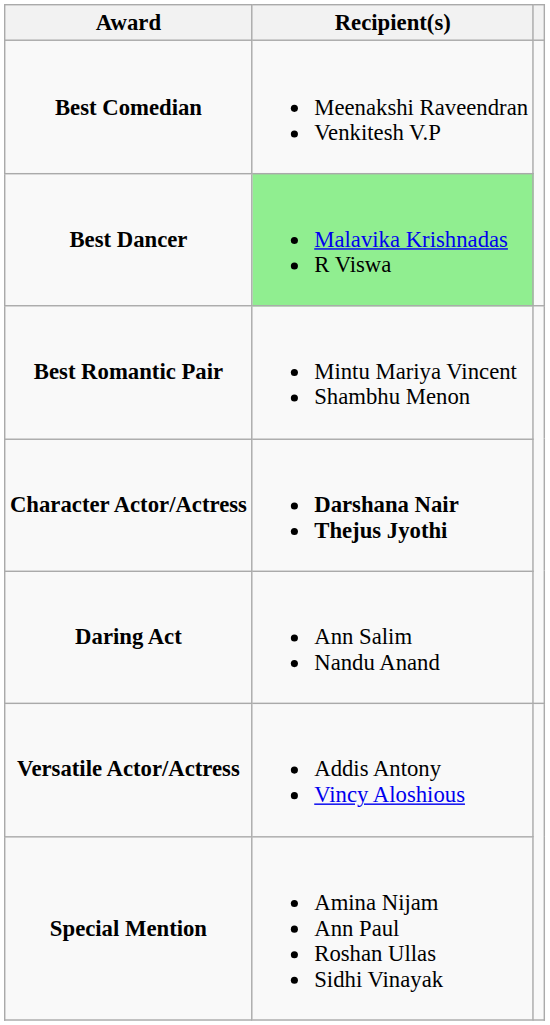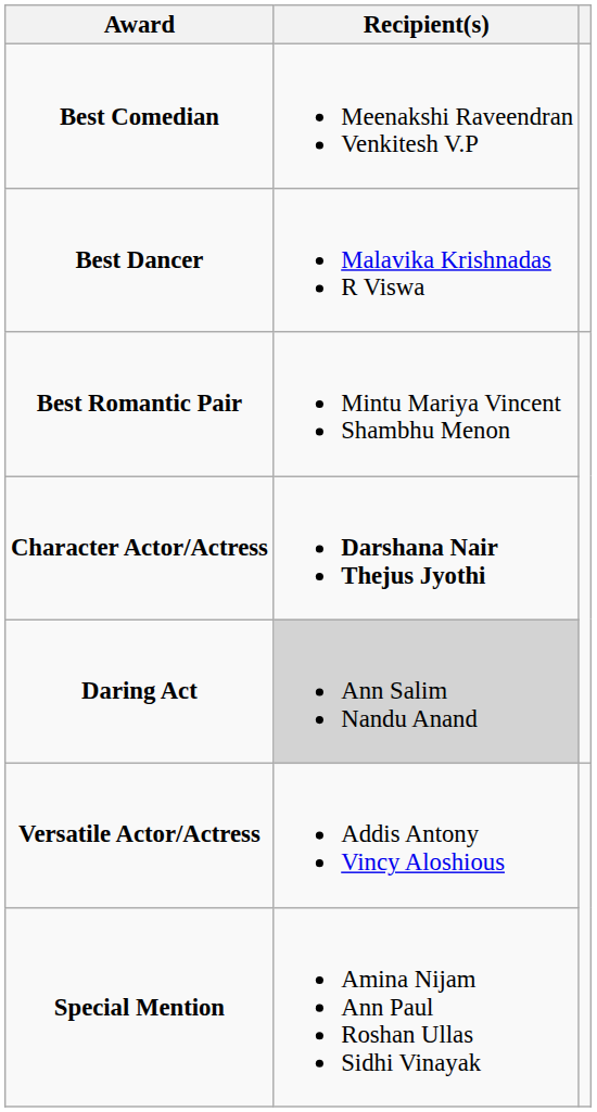 <table Class="wikitable">
 <tr>
 <th>Award</th>
 <th>Recipient(s)</th>
 <th></th>
 </tr>
 <tr>
 <td style="text-align:center;"><strong>Best Comedian</strong></td>
 <td><br><ul><li>Meenakshi Raveendran</li><li>Venkitesh V.P</li></ul></td>
 <td rowspan="2"></td>
 </tr>
 <tr>
 <td style="text-align:center;"><strong>Best Dancer</strong></td>
-<td style="background: lightgreen;"><br><ul><li><a href='#'>Malavika Krishnadas</a></li><li>R Viswa</li></ul></td>
+<td><br><ul><li><a href='#'>Malavika Krishnadas</a></li><li>R Viswa</li></ul></td>
 </tr>
 <tr>
 <td style="text-align:center;"><strong>Best Romantic Pair</strong></td>
 <td><br><ul><li>Mintu Mariya Vincent</li><li>Shambhu Menon</li></ul></td>
 <td rowspan="3"></td>
 </tr>
 <tr>
 <td style="text-align:center;"><strong>Character Actor/Actress</strong></td>
 <td><strong><br><ul><li>Darshana Nair</li><li>Thejus Jyothi</li></ul></strong></td>
 </tr>
 <tr>
 <td style="text-align:center;"><strong>Daring Act</strong></td>
-<td><br><ul><li>Ann Salim</li><li>Nandu Anand</li></ul></td>
+<td style="background: lightgrey;"><br><ul><li>Ann Salim</li><li>Nandu Anand</li></ul></td>
 </tr>
 <tr>
 <td style="text-align:center;"><strong>Versatile Actor/Actress</strong></td>
 <td><br><ul><li>Addis Antony</li><li><a href='#'>Vincy Aloshious</a></li></ul></td>
 <td rowspan="2"></td>
 </tr>
 <tr>
 <td style="text-align:center;"><strong>Special Mention</strong></td>
 <td><br><ul><li>Amina Nijam</li><li>Ann Paul</li><li>Roshan Ullas</li><li>Sidhi Vinayak</li></ul></td>
 </tr>
 </table>
